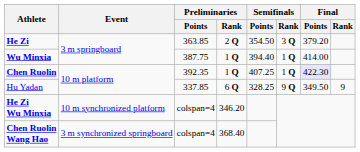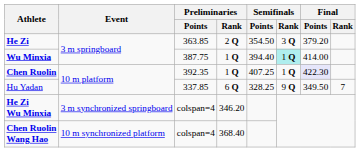 <table class=wikitable style="font-size:90%">
 <tr>
 <th rowspan="2">Athlete</th>
 <th rowspan="2">Event</th>
 <th colspan="2">Preliminaries</th>
 <th colspan="2">Semifinals</th>
 <th colspan="2">Final</th>
 </tr>
 <tr style="font-size:95%">
 <th>Points</th>
 <th>Rank</th>
 <th>Points</th>
 <th>Rank</th>
 <th>Points</th>
 <th>Rank</th>
 </tr>
 <tr align=center>
 <td align=left><strong><a href='#'>He Zi</a></strong></td>
 <td align=left rowspan=2><a href='#'>3 m springboard</a></td>
 <td>363.85</td>
 <td>2 <strong>Q</strong></td>
 <td>354.50</td>
 <td>3 <strong>Q</strong></td>
 <td>379.20</td>
 <td></td>
 </tr>
 <tr align=center>
 <td align=left><strong><a href='#'>Wu Minxia</a></strong></td>
 <td>387.75</td>
 <td>1 <strong>Q</strong></td>
 <td>394.40</td>
-<td>1 <strong>Q</strong></td>
+<td style="background: paleturquoise;">1 <strong>Q</strong></td>
 <td>414.00</td>
 <td></td>
 </tr>
 <tr align=center>
 <td align=left><strong><a href='#'>Chen Ruolin</a></strong></td>
 <td align=left rowspan=2><a href='#'>10 m platform</a></td>
 <td>392.35</td>
 <td>1 <strong>Q</strong></td>
 <td>407.25</td>
 <td>1 <strong>Q</strong></td>
 <td style="background: lavender;">422.30</td>
 <td></td>
 </tr>
 <tr align=center>
 <td align=left><a href='#'>Hu Yadan</a></td>
 <td>337.85</td>
 <td>6 <strong>Q</strong></td>
 <td>328.25</td>
 <td>9 <strong>Q</strong></td>
 <td>349.50</td>
-<td>9</td>
+<td>7</td>
 </tr>
 <tr align=center>
 <td align=left><strong><a href='#'>He Zi</a><br><a href='#'>Wu Minxia</a></strong></td>
-<td align=left><a href='#'>10 m synchronized platform</a></td>
+<td align=left><a href='#'>3 m synchronized springboard</a></td>
 <td>colspan=4 </td>
 <td>346.20</td>
 <td></td>
 </tr>
 <tr align=center>
 <td align=left><strong><a href='#'>Chen Ruolin</a><br><a href='#'>Wang Hao</a></strong></td>
-<td align=left><a href='#'>3 m synchronized springboard</a></td>
+<td align=left><a href='#'>10 m synchronized platform</a></td>
 <td>colspan=4 </td>
 <td>368.40</td>
 <td></td>
 </tr>
 </table>
